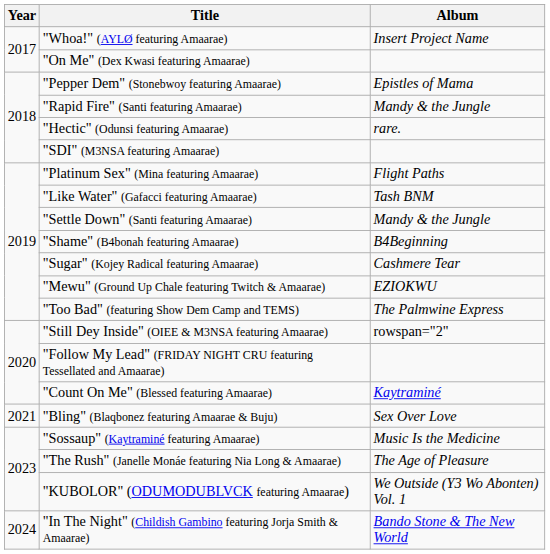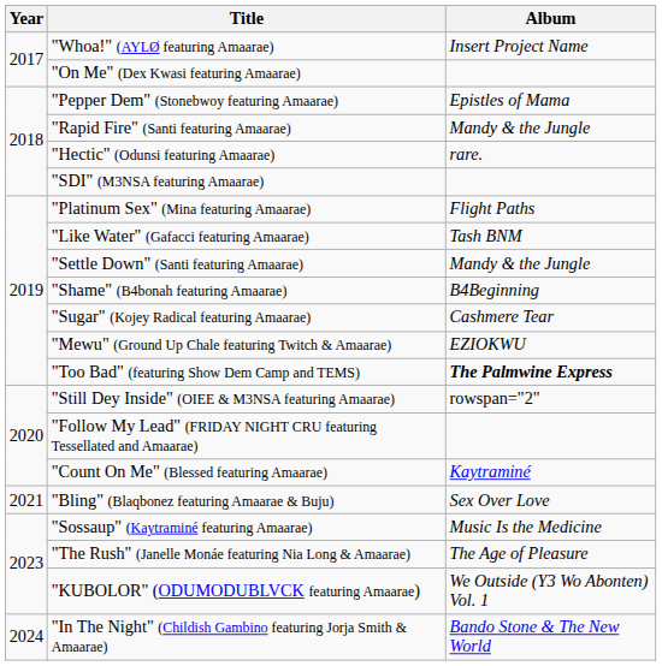 <table class="wikitable">
 <tr>
 <th>Year</th>
 <th>Title</th>
 <th>Album</th>
 </tr>
 <tr>
 <td rowspan="2">2017</td>
 <td>"Whoa!" <small>(<a href='#'>AYLØ</a> featuring Amaarae)</small></td>
 <td><em>Insert Project Name</em></td>
 </tr>
 <tr>
 <td>"On Me" <small>(Dex Kwasi featuring Amaarae)</small></td>
 <td></td>
 </tr>
 <tr>
 <td rowspan="4">2018</td>
 <td>"Pepper Dem" <small>(Stonebwoy featuring Amaarae)</small></td>
 <td><em>Epistles of Mama</em></td>
 </tr>
 <tr>
 <td>"Rapid Fire" <small>(Santi featuring Amaarae)</small></td>
 <td><em>Mandy & the Jungle</em></td>
 </tr>
 <tr>
 <td>"Hectic" <small>(Odunsi featuring Amaarae)</small></td>
 <td><em>rare.</em></td>
 </tr>
 <tr>
 <td>"SDI" <small>(M3NSA featuring Amaarae)</small></td>
 <td></td>
 </tr>
 <tr>
 <td rowspan="7">2019</td>
 <td>"Platinum Sex" <small>(Mina featuring Amaarae)</small></td>
 <td><em>Flight Paths</em></td>
 </tr>
 <tr>
 <td>"Like Water" <small>(Gafacci featuring Amaarae)</small></td>
 <td><em>Tash BNM</em></td>
 </tr>
 <tr>
 <td>"Settle Down" <small>(Santi featuring Amaarae)</small></td>
 <td><em>Mandy & the Jungle</em></td>
 </tr>
 <tr>
 <td>"Shame" <small>(B4bonah featuring Amaarae)</small></td>
 <td><em>B4Beginning</em></td>
 </tr>
 <tr>
 <td>"Sugar" <small>(Kojey Radical featuring Amaarae)</small></td>
 <td><em>Cashmere Tear</em></td>
 </tr>
 <tr>
 <td>"Mewu" <small>(Ground Up Chale featuring Twitch & Amaarae)</small></td>
 <td><em>EZIOKWU</em></td>
 </tr>
 <tr>
 <td>"Too Bad" <small>(featuring Show Dem Camp and TEMS)</small></td>
-<td><em>The Palmwine Express</em></td>
+<td><strong><em>The Palmwine Express</em></strong></td>
 </tr>
 <tr>
 <td rowspan="3">2020</td>
 <td>"Still Dey Inside" <small>(OIEE & M3NSA featuring Amaarae)</small></td>
 <td>rowspan="2" </td>
 </tr>
 <tr>
 <td>"Follow My Lead" <small>(FRIDAY NIGHT CRU featuring Tessellated and Amaarae)</small></td>
 </tr>
 <tr>
 <td>"Count On Me" <small>(Blessed featuring Amaarae)</small></td>
 <td><em><a href='#'>Kaytraminé</a></em></td>
 </tr>
 <tr>
 <td>2021</td>
 <td>"Bling" <small>(Blaqbonez featuring Amaarae & Buju)</small></td>
 <td><em>Sex Over Love</em></td>
 </tr>
 <tr>
 <td rowspan="3">2023</td>
 <td>"Sossaup" <small>(<a href='#'>Kaytraminé</a> featuring Amaarae)</small></td>
 <td><em>Music Is the Medicine</em></td>
 </tr>
 <tr>
 <td>"The Rush" <small>(Janelle Monáe featuring Nia Long & Amaarae)</small></td>
 <td><em>The Age of Pleasure</em></td>
 </tr>
 <tr>
 <td>"KUBOLOR" (<a href='#'>ODUMODUBLVCK</a> <small>featuring Amaarae</small>)</td>
 <td><em>We Outside (Y3 Wo Abonten) Vol. 1</em></td>
 </tr>
 <tr>
 <td>2024</td>
 <td>"In The Night" <small>(<a href='#'>Childish Gambino</a> featuring Jorja Smith & Amaarae)</small></td>
 <td><a href='#'><em>Bando Stone & The New World</em></a></td>
 </tr>
 </table>
